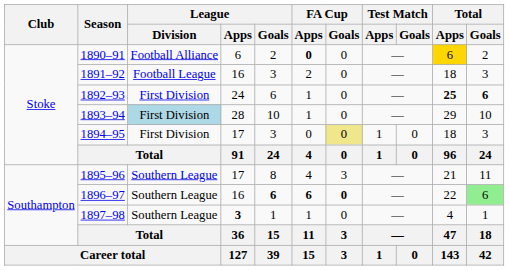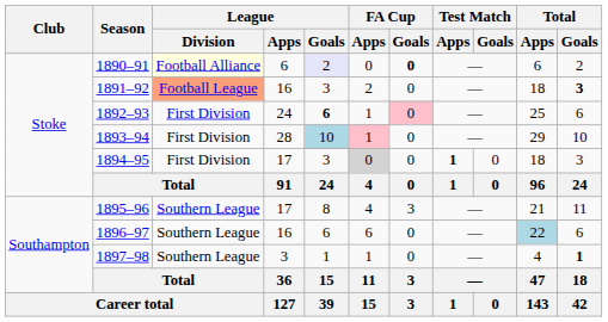 <table class="wikitable" style="text-align: center;">
 <tr>
 <th rowspan="2">Club</th>
 <th rowspan="2">Season</th>
 <th colspan="3">League</th>
 <th colspan="2">FA Cup</th>
 <th colspan="2">Test Match</th>
 <th colspan="2">Total</th>
 </tr>
 <tr>
 <th>Division</th>
 <th>Apps</th>
 <th>Goals</th>
 <th>Apps</th>
 <th>Goals</th>
 <th>Apps</th>
 <th>Goals</th>
 <th>Apps</th>
 <th>Goals</th>
 </tr>
 <tr>
 <td rowspan="6"><a href='#'>Stoke</a></td>
 <td><a href='#'>1890–91</a></td>
-<td><a href='#'>Football Alliance</a></td>
+<td style="background: lightyellow;"><a href='#'>Football Alliance</a></td>
 <td>6</td>
-<td>2</td>
+<td style="background: lavender;">2</td>
+<td>0</td>
 <td><strong>0</strong></td>
-<td>0</td>
 <td colspan="2">—</td>
-<td style="background: gold;">6</td>
+<td>6</td>
 <td>2</td>
 </tr>
 <tr>
 <td><a href='#'>1891–92</a></td>
-<td><a href='#'>Football League</a></td>
+<td style="background: lightsalmon;"><a href='#'>Football League</a></td>
 <td>16</td>
 <td>3</td>
 <td>2</td>
 <td>0</td>
 <td colspan="2">—</td>
 <td>18</td>
-<td>3</td>
+<td><strong>3</strong></td>
 </tr>
 <tr>
 <td><a href='#'>1892–93</a></td>
 <td><a href='#'>First Division</a></td>
 <td>24</td>
+<td><strong>6</strong></td>
+<td>1</td>
+<td style="background: pink;">0</td>
+<td colspan="2">—</td>
+<td>25</td>
 <td>6</td>
-<td>1</td>
-<td>0</td>
-<td colspan="2">—</td>
-<td><strong>25</strong></td>
-<td><strong>6</strong></td>
 </tr>
 <tr>
 <td><a href='#'>1893–94</a></td>
-<td style="background: lightblue;">First Division</td>
+<td>First Division</td>
 <td>28</td>
-<td>10</td>
-<td>1</td>
+<td style="background: lightblue;">10</td>
+<td style="background: pink;">1</td>
 <td>0</td>
 <td colspan="2">—</td>
 <td>29</td>
 <td>10</td>
 </tr>
 <tr>
 <td><a href='#'>1894–95</a></td>
 <td>First Division</td>
 <td>17</td>
 <td>3</td>
+<td style="background: lightgrey;">0</td>
 <td>0</td>
-<td style="background: khaki;">0</td>
-<td>1</td>
+<td><strong>1</strong></td>
 <td>0</td>
 <td>18</td>
 <td>3</td>
 </tr>
 <tr>
 <th colspan=2>Total</th>
 <th>91</th>
 <th>24</th>
 <th>4</th>
 <th>0</th>
 <th>1</th>
 <th>0</th>
 <th>96</th>
 <th>24</th>
 </tr>
 <tr>
 <td rowspan="4"><a href='#'>Southampton</a></td>
 <td><a href='#'>1895–96</a></td>
 <td><a href='#'>Southern League</a></td>
 <td>17</td>
 <td>8</td>
 <td>4</td>
 <td>3</td>
 <td colspan="2">—</td>
 <td>21</td>
 <td>11</td>
 </tr>
 <tr>
 <td><a href='#'>1896–97</a></td>
 <td>Southern League</td>
 <td>16</td>
-<td><strong>6</strong></td>
-<td><strong>6</strong></td>
-<td><strong>0</strong></td>
+<td>6</td>
+<td>6</td>
+<td>0</td>
 <td colspan="2">—</td>
-<td>22</td>
-<td style="background: lightgreen;">6</td>
+<td style="background: lightblue;">22</td>
+<td>6</td>
 </tr>
 <tr>
 <td><a href='#'>1897–98</a></td>
 <td>Southern League</td>
-<td><strong>3</strong></td>
+<td>3</td>
 <td>1</td>
 <td>1</td>
 <td>0</td>
 <td colspan="2">—</td>
 <td>4</td>
-<td>1</td>
+<td><strong>1</strong></td>
 </tr>
 <tr>
 <th colspan=2>Total</th>
 <th>36</th>
 <th>15</th>
 <th>11</th>
 <th>3</th>
 <th colspan="2">—</th>
 <th>47</th>
 <th>18</th>
 </tr>
 <tr>
 <th colspan="3">Career total</th>
 <th>127</th>
 <th>39</th>
 <th>15</th>
 <th>3</th>
 <th>1</th>
 <th>0</th>
 <th>143</th>
 <th>42</th>
 </tr>
 </table>
